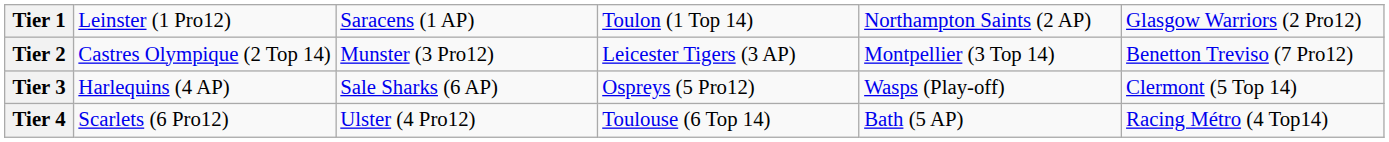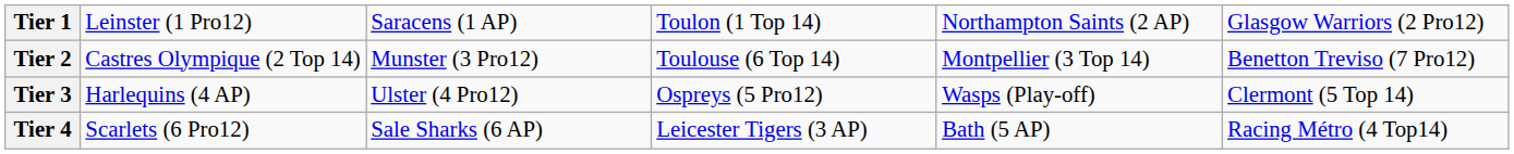 <table class="wikitable">
 <tr>
 <th width=5%>Tier 1</th>
 <td width=19%> <a href='#'>Leinster</a> (1 Pro12)</td>
 <td width=19%> <a href='#'>Saracens</a> (1 AP)</td>
 <td width=19%> <a href='#'>Toulon</a> (1 Top 14)</td>
 <td width=19%> <a href='#'>Northampton Saints</a> (2 AP)</td>
 <td width=19%> <a href='#'>Glasgow Warriors</a> (2 Pro12)</td>
 </tr>
 <tr>
 <th width=5%>Tier 2</th>
 <td width=19%> <a href='#'>Castres Olympique</a> (2 Top 14)</td>
 <td width=19%> <a href='#'>Munster</a> (3 Pro12)</td>
-<td width=19%> <a href='#'>Leicester Tigers</a> (3 AP)</td>
+<td width=19%> <a href='#'>Toulouse</a> (6 Top 14)</td>
 <td width=19%> <a href='#'>Montpellier</a> (3 Top 14)</td>
 <td width=19%> <a href='#'>Benetton Treviso</a> (7 Pro12)</td>
 </tr>
 <tr>
 <th width=5%>Tier 3</th>
 <td width=19%> <a href='#'>Harlequins</a> (4 AP)</td>
-<td width=19%> <a href='#'>Sale Sharks</a> (6 AP)</td>
+<td width=19%> <a href='#'>Ulster</a> (4 Pro12)</td>
 <td width=19%> <a href='#'>Ospreys</a> (5 Pro12)</td>
 <td width=19%> <a href='#'>Wasps</a> (Play-off)</td>
 <td width=19%> <a href='#'>Clermont</a> (5 Top 14)</td>
 </tr>
 <tr>
 <th width=5%>Tier 4</th>
 <td width=19%> <a href='#'>Scarlets</a> (6 Pro12)</td>
-<td width=19%> <a href='#'>Ulster</a> (4 Pro12)</td>
-<td width=19%> <a href='#'>Toulouse</a> (6 Top 14)</td>
+<td width=19%> <a href='#'>Sale Sharks</a> (6 AP)</td>
+<td width=19%> <a href='#'>Leicester Tigers</a> (3 AP)</td>
 <td width=19%> <a href='#'>Bath</a> (5 AP)</td>
 <td width=19%> <a href='#'>Racing Métro</a> (4 Top14)</td>
 </tr>
 </table>
